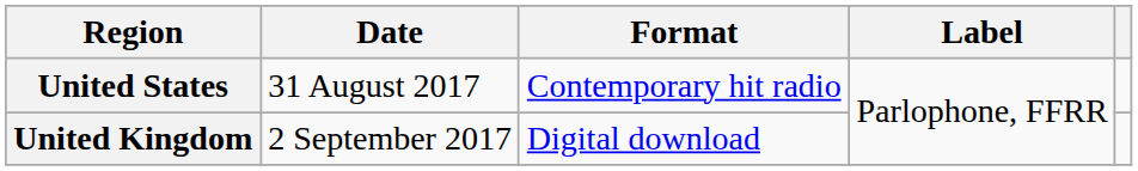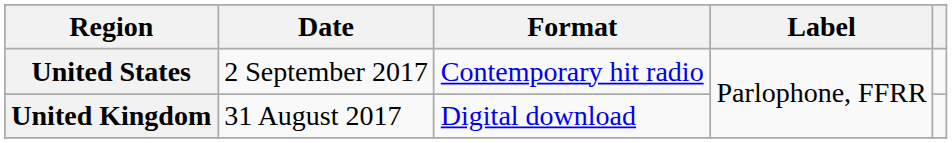 <table class="wikitable plainrowheaders">
 <tr>
 <th>Region</th>
 <th>Date</th>
 <th>Format</th>
 <th>Label</th>
 <th></th>
 </tr>
 <tr>
 <th scope="row">United States</th>
-<td>31 August 2017</td>
+<td>2 September 2017</td>
 <td><a href='#'>Contemporary hit radio</a></td>
 <td rowspan="2">Parlophone, FFRR</td>
 <td align="center"></td>
 </tr>
 <tr>
 <th scope="row">United Kingdom</th>
-<td>2 September 2017</td>
+<td>31 August 2017</td>
 <td><a href='#'>Digital download</a></td>
 <td align="center"></td>
 </tr>
 </table>
